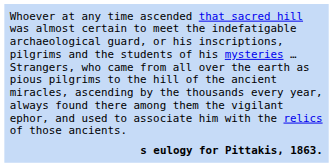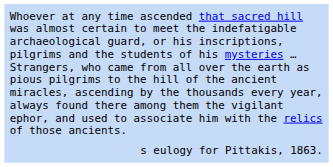 <table class="toccolours" style="float: right; margin-left: 1em; font-size: 85%; background:#c6dbf7; color:black; width:30em; max-width: 40%;" cellspacing="5">
 <tr>
 <td style="text-align: left;">Whoever at any time ascended <a href='#'>that sacred hill</a> was almost certain to meet the indefatigable archaeological guard, or his inscriptions, pilgrims and the students of his <a href='#'>mysteries</a> … Strangers, who came from all over the earth as pious pilgrims to the hill of the ancient miracles, ascending by the thousands every year, always found there among them the vigilant ephor, and used to associate him with the <a href='#'>relics</a> of those ancients.</td>
 </tr>
 <tr>
-<td style="text-align: right;"><strong>s eulogy for Pittakis, 1863.</strong></td>
+<td style="text-align: right;">s eulogy for Pittakis, 1863.</td>
 </tr>
 </table>
